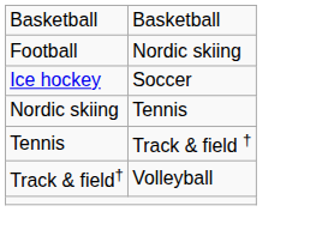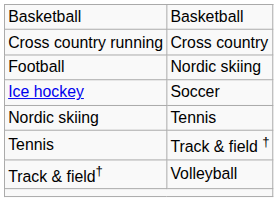 <table class="wikitable" style=" ">
 <tr>
 </tr>
 <tr>
 <td>Basketball</td>
 <td>Basketball</td>
+</tr>
+<tr>
+<td>Cross country running</td>
+<td>Cross country</td>
 </tr>
 <tr>
 <td>Football</td>
 <td>Nordic skiing</td>
 </tr>
 <tr>
 <td><a href='#'>Ice hockey</a></td>
 <td>Soccer</td>
 </tr>
 <tr>
 <td>Nordic skiing</td>
 <td>Tennis</td>
 </tr>
 <tr>
 <td>Tennis</td>
 <td>Track & field <sup>†</sup></td>
 </tr>
 <tr>
 <td>Track & field<sup>†</sup></td>
 <td>Volleyball</td>
 </tr>
 <tr>
 <td colspan="2"></td>
 </tr>
 </table>
